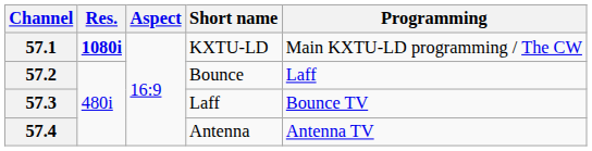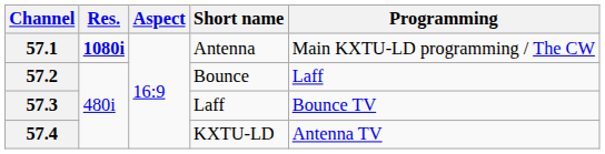 <table class="wikitable">
 <tr>
 <th><a href='#'>Channel</a></th>
 <th><a href='#'>Res.</a></th>
 <th><a href='#'>Aspect</a></th>
 <th>Short name</th>
 <th>Programming</th>
 </tr>
 <tr>
 <th scope = "row">57.1</th>
 <td><strong><a href='#'>1080i</a></strong></td>
 <td rowspan=4><a href='#'>16:9</a></td>
-<td>KXTU-LD</td>
+<td>Antenna</td>
 <td>Main KXTU-LD programming / <a href='#'>The CW</a></td>
 </tr>
 <tr>
 <th scope = "row">57.2</th>
 <td rowspan=3><a href='#'>480i</a></td>
 <td>Bounce</td>
 <td><a href='#'>Laff</a></td>
 </tr>
 <tr>
 <th scope = "row">57.3</th>
 <td>Laff</td>
 <td><a href='#'>Bounce TV</a></td>
 </tr>
 <tr>
 <th scope = "row">57.4</th>
-<td>Antenna</td>
+<td>KXTU-LD</td>
 <td><a href='#'>Antenna TV</a></td>
 </tr>
 </table>
